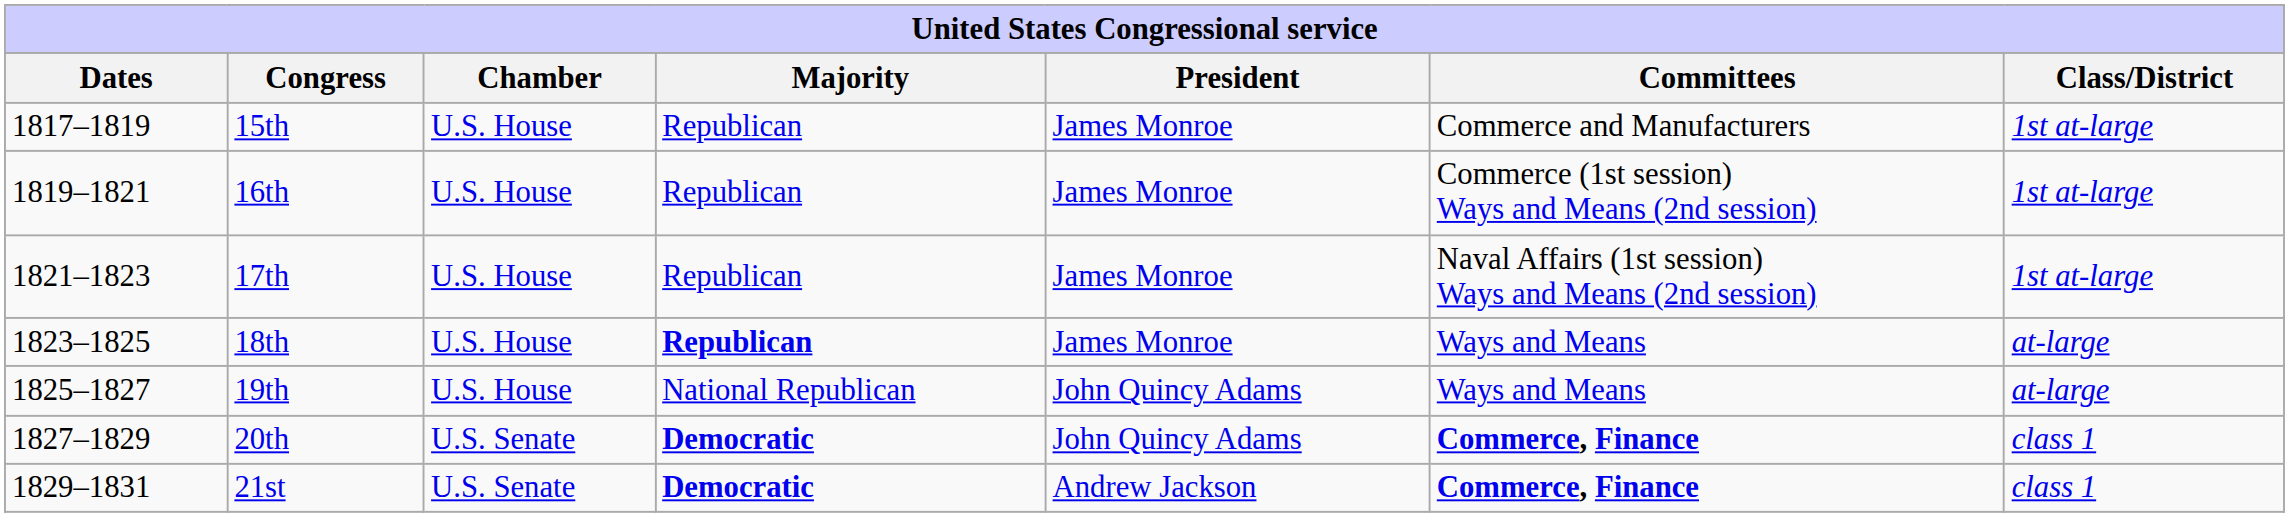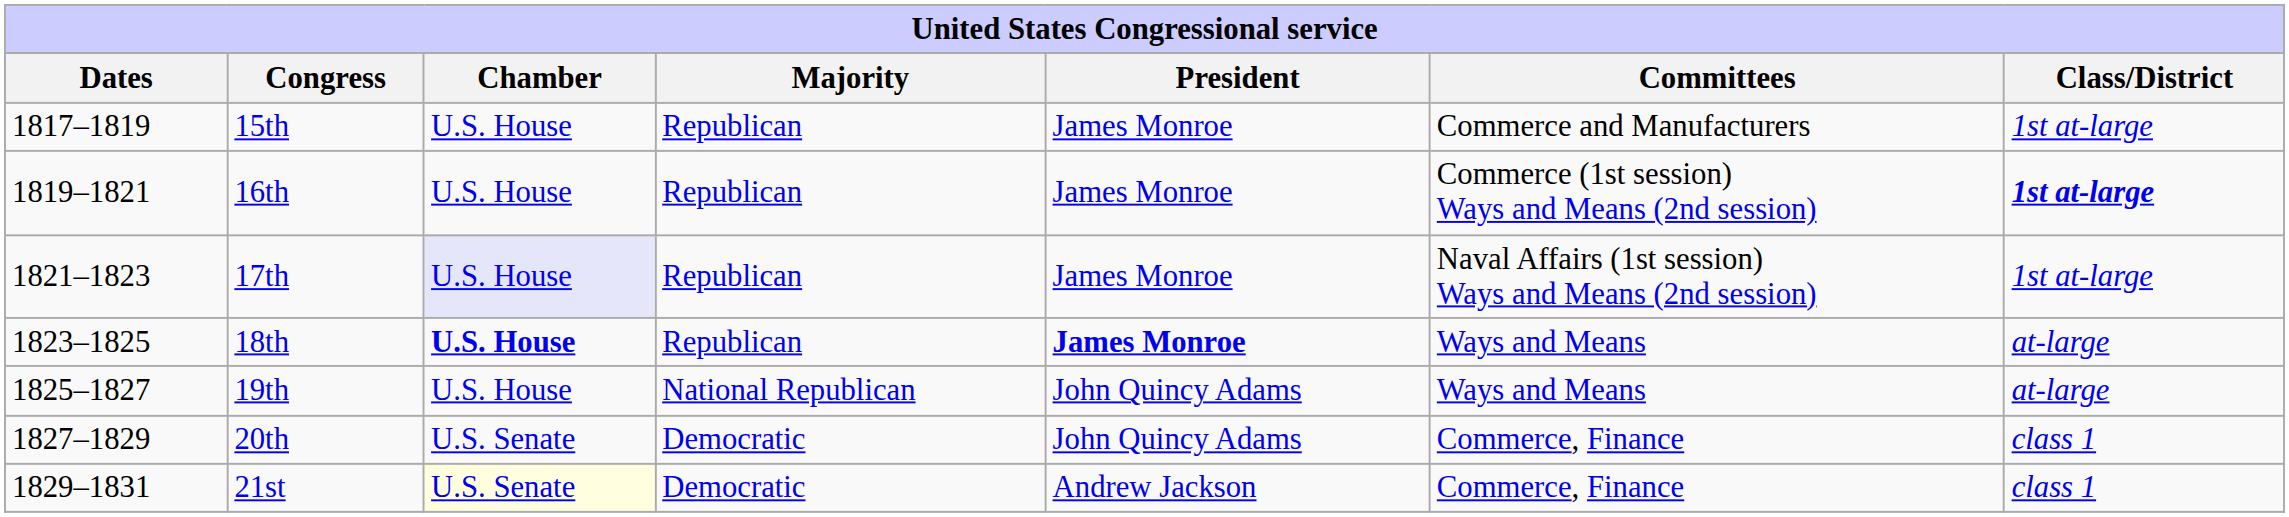 <table class=wikitable style="width: 94%" style="text-align: center;" align="center">
 <tr bgcolor=#cccccc>
 <th colspan=7 style="background: #ccccff;">United States Congressional service</th>
 </tr>
 <tr>
 <th><strong>Dates</strong></th>
 <th><strong>Congress</strong></th>
 <th><strong>Chamber</strong></th>
 <th><strong>Majority</strong></th>
 <th><strong>President</strong></th>
 <th><strong>Committees</strong></th>
 <th><strong>Class/District</strong></th>
 </tr>
 <tr>
 <td>1817–1819</td>
 <td><a href='#'>15th</a></td>
 <td><a href='#'>U.S. House</a></td>
 <td><a href='#'>Republican</a></td>
 <td><a href='#'>James Monroe</a></td>
 <td>Commerce and Manufacturers</td>
 <td><a href='#'><em>1st at-large</em></a></td>
 </tr>
 <tr>
 <td>1819–1821</td>
 <td><a href='#'>16th</a></td>
 <td><a href='#'>U.S. House</a></td>
 <td><a href='#'>Republican</a></td>
 <td><a href='#'>James Monroe</a></td>
 <td>Commerce (1st session)<br><a href='#'>Ways and Means (2nd session)</a></td>
-<td><a href='#'><em>1st at-large</em></a></td>
+<td><strong><a href='#'><em>1st at-large</em></a></strong></td>
 </tr>
 <tr>
 <td>1821–1823</td>
 <td><a href='#'>17th</a></td>
-<td><a href='#'>U.S. House</a></td>
+<td style="background: lavender;"><a href='#'>U.S. House</a></td>
 <td><a href='#'>Republican</a></td>
 <td><a href='#'>James Monroe</a></td>
 <td>Naval Affairs (1st session)<br><a href='#'>Ways and Means (2nd session)</a></td>
 <td><a href='#'><em>1st at-large</em></a></td>
 </tr>
 <tr>
 <td>1823–1825</td>
 <td><a href='#'>18th</a></td>
-<td><a href='#'>U.S. House</a></td>
-<td><strong><a href='#'>Republican</a></strong></td>
-<td><a href='#'>James Monroe</a></td>
+<td><strong><a href='#'>U.S. House</a></strong></td>
+<td><a href='#'>Republican</a></td>
+<td><strong><a href='#'>James Monroe</a></strong></td>
 <td><a href='#'>Ways and Means</a></td>
 <td><a href='#'><em>at-large</em></a></td>
 </tr>
 <tr>
 <td>1825–1827</td>
 <td><a href='#'>19th</a></td>
 <td><a href='#'>U.S. House</a></td>
 <td><a href='#'>National Republican</a></td>
 <td><a href='#'>John Quincy Adams</a></td>
 <td><a href='#'>Ways and Means</a></td>
 <td><a href='#'><em>at-large</em></a></td>
 </tr>
 <tr>
 <td>1827–1829</td>
 <td><a href='#'>20th</a></td>
 <td><a href='#'>U.S. Senate</a></td>
-<td><strong><a href='#'>Democratic</a></strong></td>
+<td><a href='#'>Democratic</a></td>
 <td><a href='#'>John Quincy Adams</a></td>
-<td><strong><a href='#'>Commerce</a>, <a href='#'>Finance</a></strong></td>
+<td><a href='#'>Commerce</a>, <a href='#'>Finance</a></td>
 <td><a href='#'><em>class 1</em></a></td>
 </tr>
 <tr>
 <td>1829–1831</td>
 <td><a href='#'>21st</a></td>
-<td><a href='#'>U.S. Senate</a></td>
-<td><strong><a href='#'>Democratic</a></strong></td>
+<td style="background: lightyellow;"><a href='#'>U.S. Senate</a></td>
+<td><a href='#'>Democratic</a></td>
 <td><a href='#'>Andrew Jackson</a></td>
-<td><strong><a href='#'>Commerce</a>, <a href='#'>Finance</a></strong></td>
+<td><a href='#'>Commerce</a>, <a href='#'>Finance</a></td>
 <td><a href='#'><em>class 1</em></a></td>
 </tr>
 </table>
